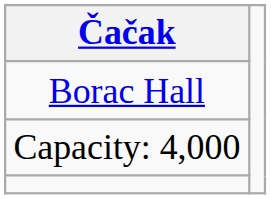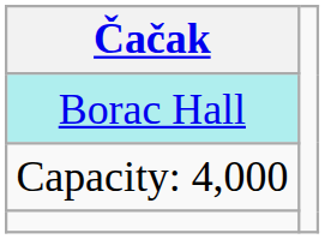 <table class="wikitable" style="text-align:center">
 <tr>
 <th><a href='#'>Čačak</a></th>
 <td rowspan=4></td>
 </tr>
 <tr>
-<td><a href='#'>Borac Hall</a></td>
+<td style="background: paleturquoise;"><a href='#'>Borac Hall</a></td>
 </tr>
 <tr>
 <td>Capacity: 4,000</td>
 </tr>
 <tr>
 <td></td>
 </tr>
 </table>
